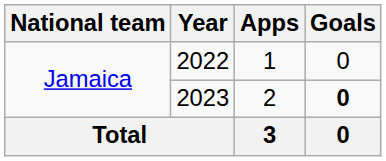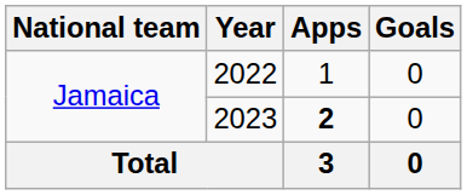 <table class="wikitable" style="text-align:center">
 <tr>
 <th>National team</th>
 <th>Year</th>
 <th>Apps</th>
 <th>Goals</th>
 </tr>
 <tr>
 <td rowspan=2><a href='#'>Jamaica</a></td>
 <td>2022</td>
 <td>1</td>
 <td>0</td>
 </tr>
 <tr>
 <td>2023</td>
-<td>2</td>
-<td><strong>0</strong></td>
+<td><strong>2</strong></td>
+<td>0</td>
 </tr>
 <tr>
 <th colspan=2>Total</th>
 <th>3</th>
 <th>0</th>
 </tr>
 </table>
